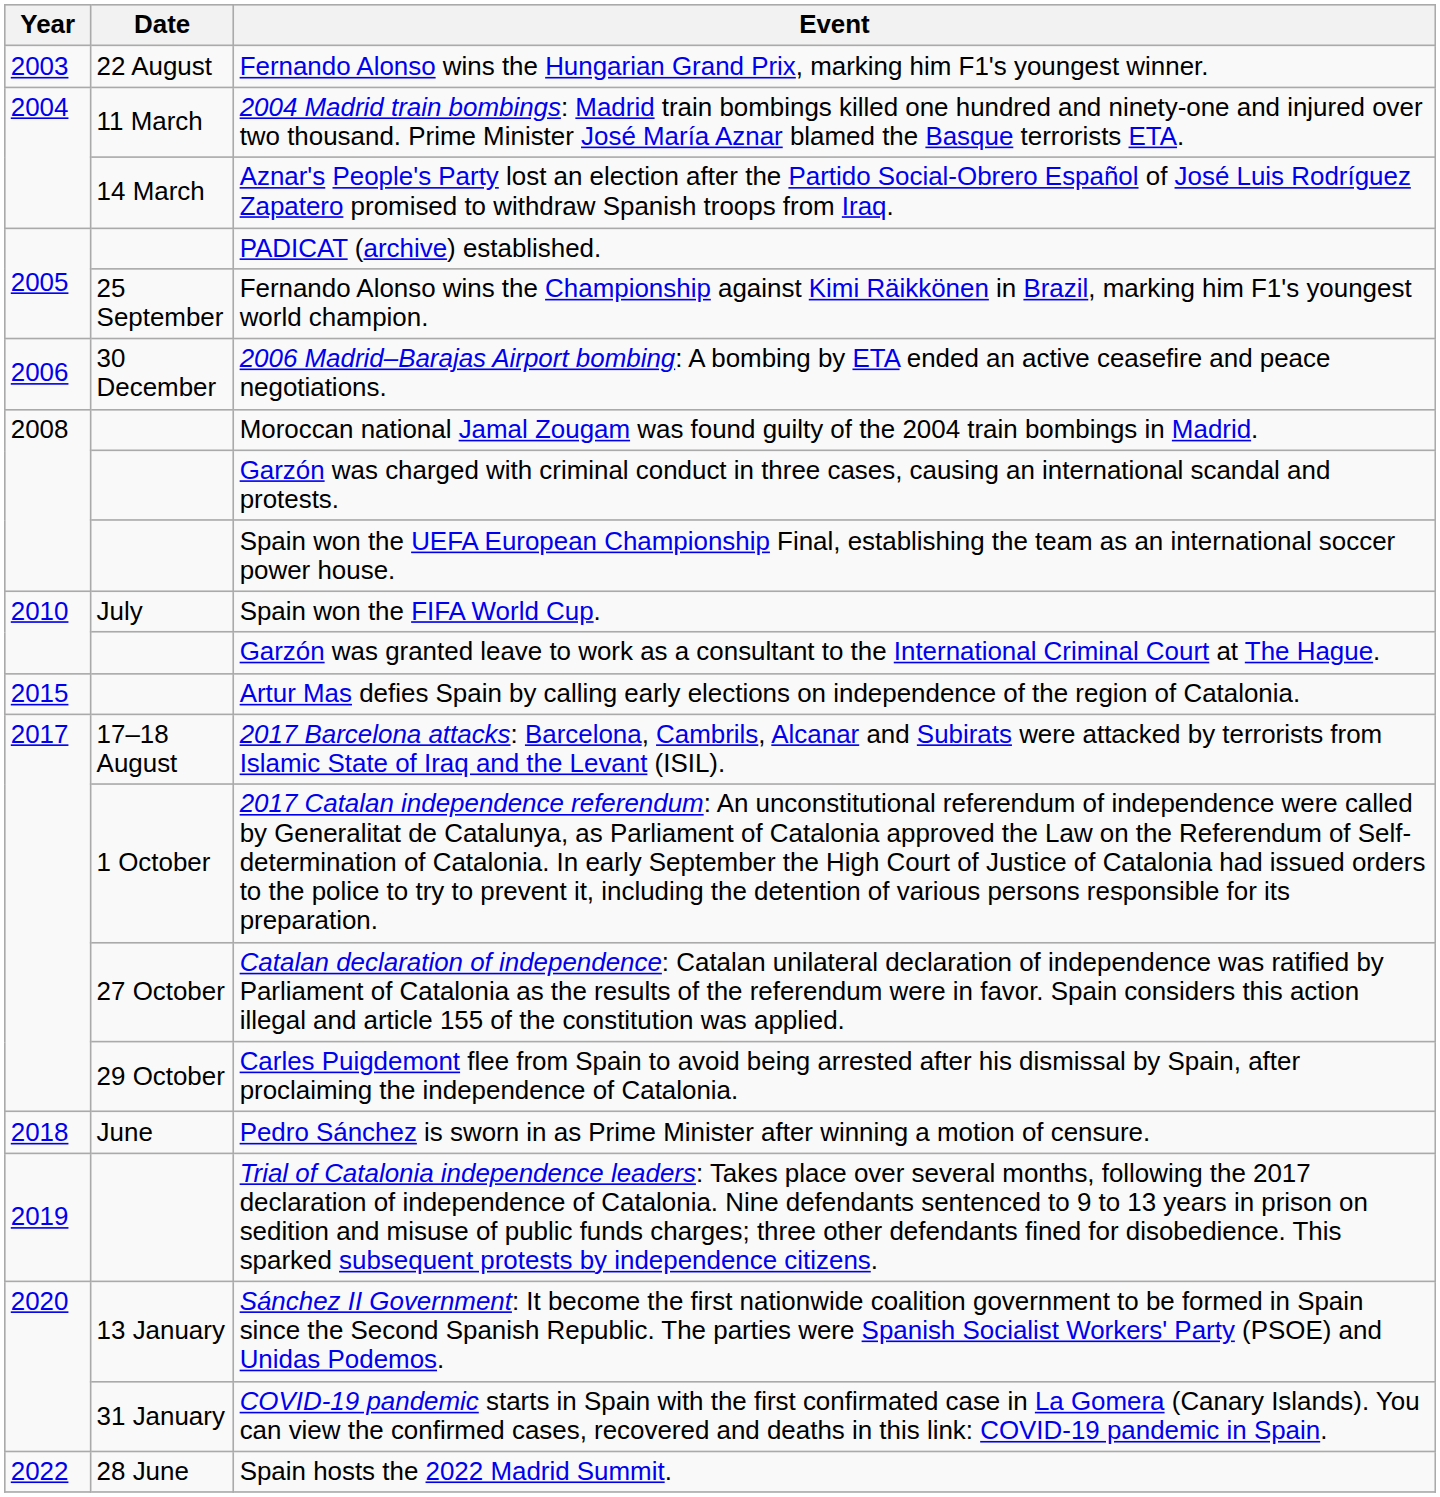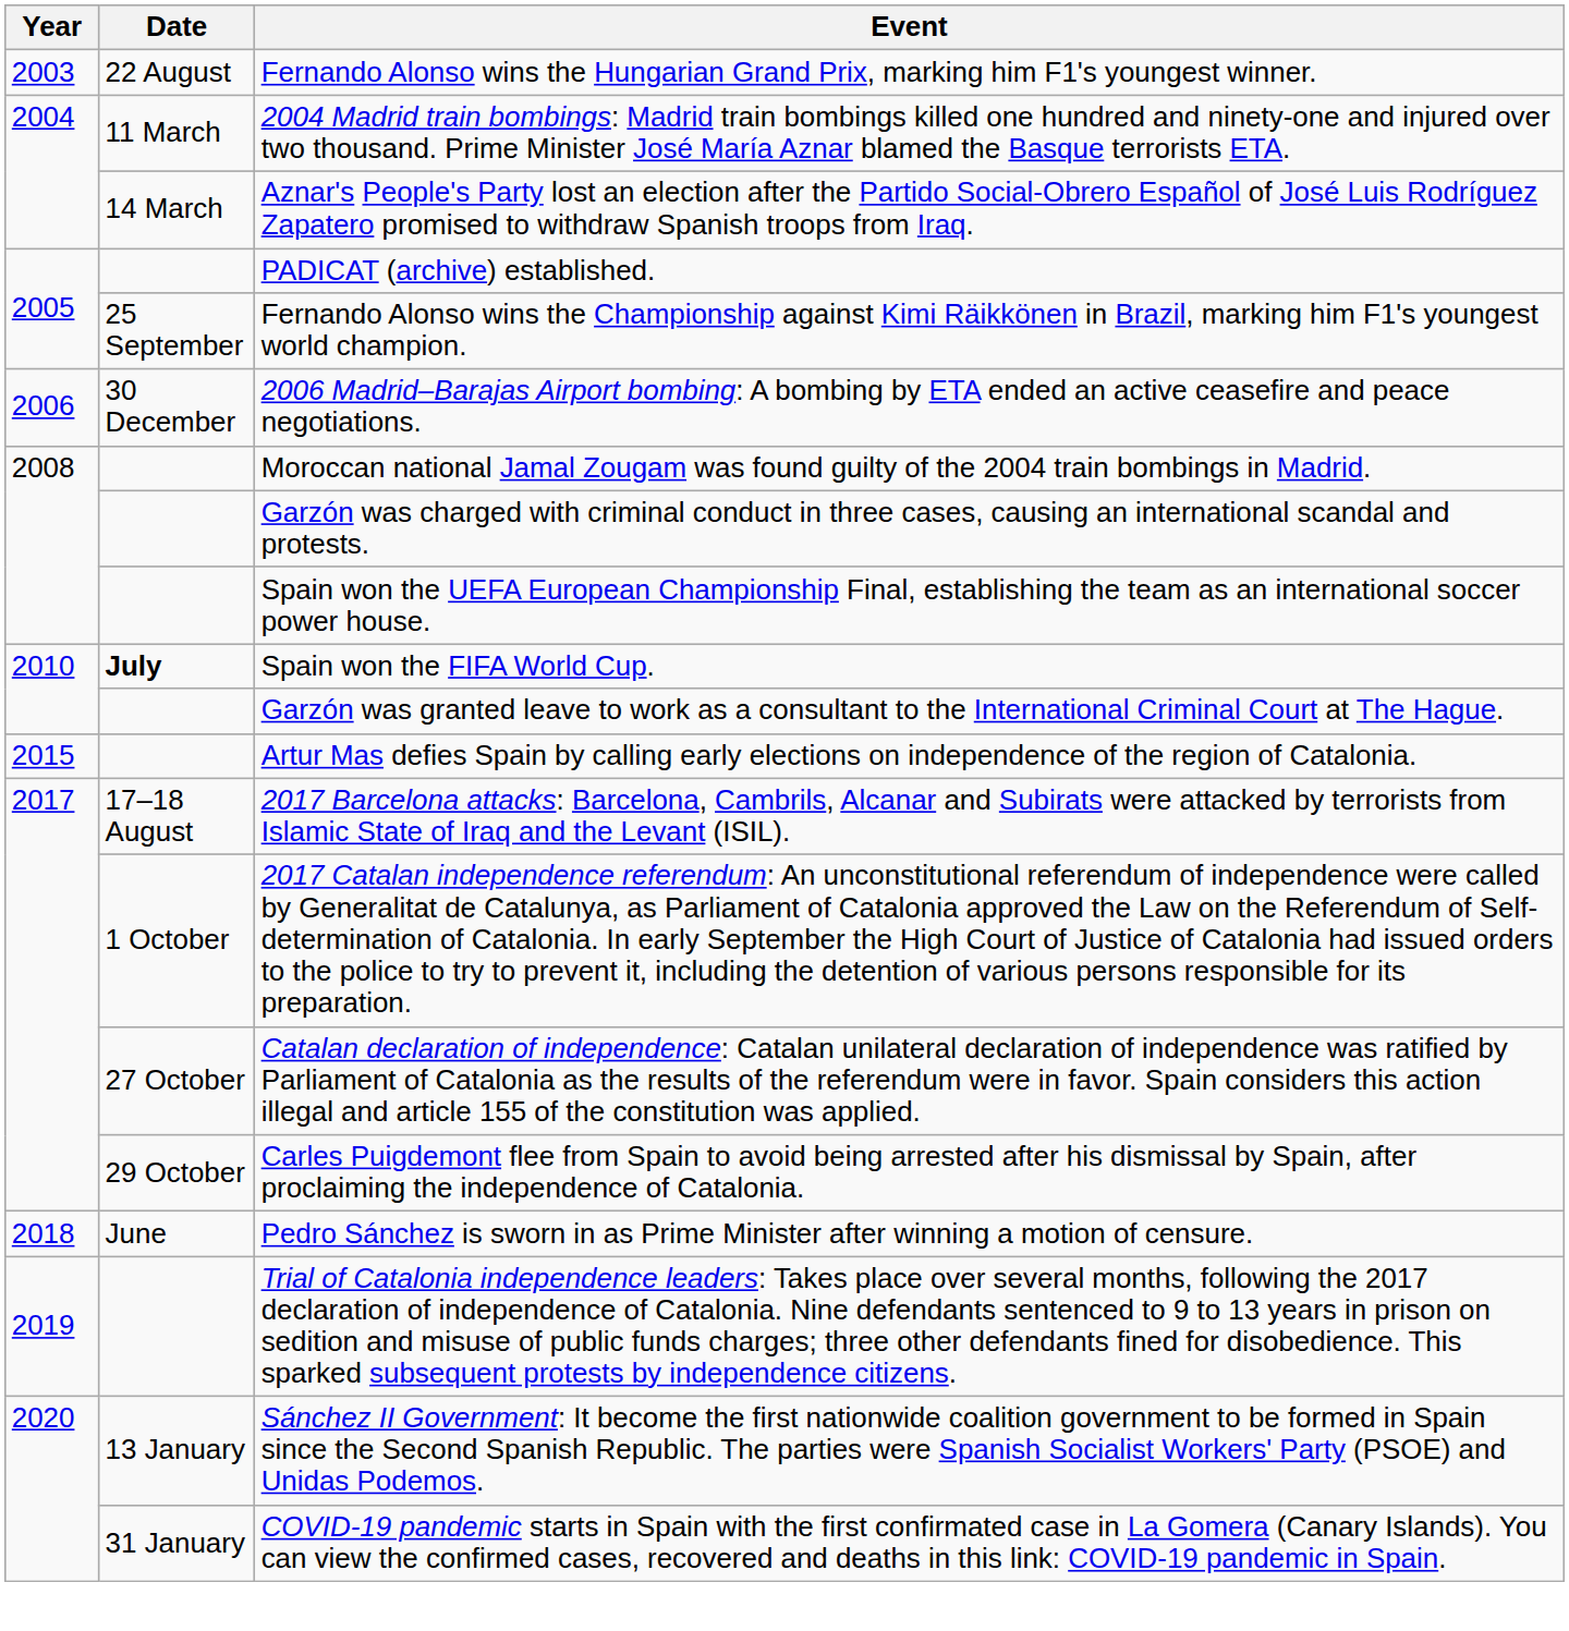 <table class="wikitable" style="width:100%">
 <tr>
 <th style="width:6%">Year</th>
 <th style="width:10%">Date</th>
 <th>Event</th>
 </tr>
 <tr>
 <td><a href='#'>2003</a></td>
 <td>22 August</td>
 <td><a href='#'>Fernando Alonso</a> wins the <a href='#'>Hungarian Grand Prix</a>, marking him F1's youngest winner.</td>
 </tr>
 <tr>
 <td rowspan="2" style="vertical-align:top;"><a href='#'>2004</a></td>
 <td>11 March</td>
 <td><em><a href='#'>2004 Madrid train bombings</a></em>: <a href='#'>Madrid</a> train bombings killed one hundred and ninety-one and injured over two thousand. Prime Minister <a href='#'>José María Aznar</a> blamed the <a href='#'>Basque</a> terrorists <a href='#'>ETA</a>.</td>
 </tr>
 <tr>
 <td>14 March</td>
 <td><a href='#'>Aznar's</a> <a href='#'>People's Party</a> lost an election after the <a href='#'>Partido Social-Obrero Español</a> of <a href='#'>José Luis Rodríguez Zapatero</a> promised to withdraw Spanish troops from <a href='#'>Iraq</a>.</td>
 </tr>
 <tr>
 <td rowspan="2"><a href='#'>2005</a></td>
 <td></td>
 <td><a href='#'>PADICAT</a> (<a href='#'>archive</a>) established.</td>
 </tr>
 <tr>
 <td>25 September</td>
 <td>Fernando Alonso wins the <a href='#'>Championship</a> against <a href='#'>Kimi Räikkönen</a> in <a href='#'>Brazil</a>, marking him F1's youngest world champion.</td>
 </tr>
 <tr>
 <td><a href='#'>2006</a></td>
 <td>30 December</td>
 <td><em><a href='#'>2006 Madrid–Barajas Airport bombing</a></em>: A bombing by <a href='#'>ETA</a> ended an active ceasefire and peace negotiations.</td>
 </tr>
 <tr>
 <td rowspan="3" style="vertical-align:top;">2008</td>
 <td></td>
 <td>Moroccan national <a href='#'>Jamal Zougam</a> was found guilty of the 2004 train bombings in <a href='#'>Madrid</a>.</td>
 </tr>
 <tr>
 <td></td>
 <td><a href='#'>Garzón</a> was charged with criminal conduct in three cases, causing an international scandal and protests.</td>
 </tr>
 <tr>
 <td></td>
 <td>Spain won the <a href='#'>UEFA European Championship</a> Final, establishing the team as an international soccer power house.</td>
 </tr>
 <tr>
 <td rowspan="2" style="vertical-align:top;"><a href='#'>2010</a></td>
-<td>July</td>
+<td><strong>July</strong></td>
 <td>Spain won the <a href='#'>FIFA World Cup</a>.</td>
 </tr>
 <tr>
 <td></td>
 <td><a href='#'>Garzón</a> was granted leave to work as a consultant to the <a href='#'>International Criminal Court</a> at <a href='#'>The Hague</a>.</td>
 </tr>
 <tr>
 <td><a href='#'>2015</a></td>
 <td></td>
 <td><a href='#'>Artur Mas</a> defies Spain by calling early elections on independence of the region of Catalonia.</td>
 </tr>
 <tr>
 <td rowspan="4" style="vertical-align:top;"><a href='#'>2017</a></td>
 <td>17–18 August</td>
 <td><em><a href='#'>2017 Barcelona attacks</a></em>: <a href='#'>Barcelona</a>, <a href='#'>Cambrils</a>, <a href='#'>Alcanar</a> and <a href='#'>Subirats</a> were attacked by terrorists from <a href='#'>Islamic State of Iraq and the Levant</a> (ISIL).</td>
 </tr>
 <tr>
 <td>1 October</td>
 <td><em><a href='#'>2017 Catalan independence referendum</a></em>: An unconstitutional referendum of independence were called by Generalitat de Catalunya, as Parliament of Catalonia approved the Law on the Referendum of Self-determination of Catalonia. In early September the High Court of Justice of Catalonia had issued orders to the police to try to prevent it, including the detention of various persons responsible for its preparation.</td>
 </tr>
 <tr>
 <td>27 October</td>
 <td><em><a href='#'>Catalan declaration of independence</a></em>: Catalan unilateral declaration of independence was ratified by Parliament of Catalonia as the results of the referendum were in favor. Spain considers this action illegal and article 155 of the constitution was applied.</td>
 </tr>
 <tr>
 <td>29 October</td>
 <td><a href='#'>Carles Puigdemont</a> flee from Spain to avoid being arrested after his dismissal by Spain, after proclaiming the independence of Catalonia.</td>
 </tr>
 <tr>
 <td><a href='#'>2018</a></td>
 <td>June</td>
 <td><a href='#'>Pedro Sánchez</a> is sworn in as Prime Minister after winning a motion of censure.</td>
 </tr>
 <tr>
 <td><a href='#'>2019</a></td>
 <td></td>
 <td><em><a href='#'>Trial of Catalonia independence leaders</a></em>: Takes place over several months, following the 2017 declaration of independence of Catalonia. Nine defendants sentenced to 9 to 13 years in prison on sedition and misuse of public funds charges; three other defendants fined for disobedience. This sparked <a href='#'>subsequent protests by independence citizens</a>.</td>
 </tr>
 <tr>
 <td rowspan="2" style="vertical-align:top;"><a href='#'>2020</a></td>
 <td>13 January</td>
 <td><em><a href='#'>Sánchez II Government</a></em>: It become the first nationwide coalition government to be formed in Spain since the Second Spanish Republic. The parties were <a href='#'>Spanish Socialist Workers' Party</a> (PSOE) and <a href='#'>Unidas Podemos</a>.</td>
 </tr>
 <tr>
 <td>31 January</td>
 <td><em><a href='#'>COVID-19 pandemic</a></em> starts in Spain with the first confirmated case in <a href='#'>La Gomera</a> (Canary Islands). You can view the confirmed cases, recovered and deaths in this link: <a href='#'>COVID-19 pandemic in Spain</a>.</td>
 </tr>
-<tr>
-<td><a href='#'>2022</a></td>
-<td>28 June</td>
-<td>Spain hosts the <a href='#'>2022 Madrid Summit</a>.</td>
-</tr>
 </table>
